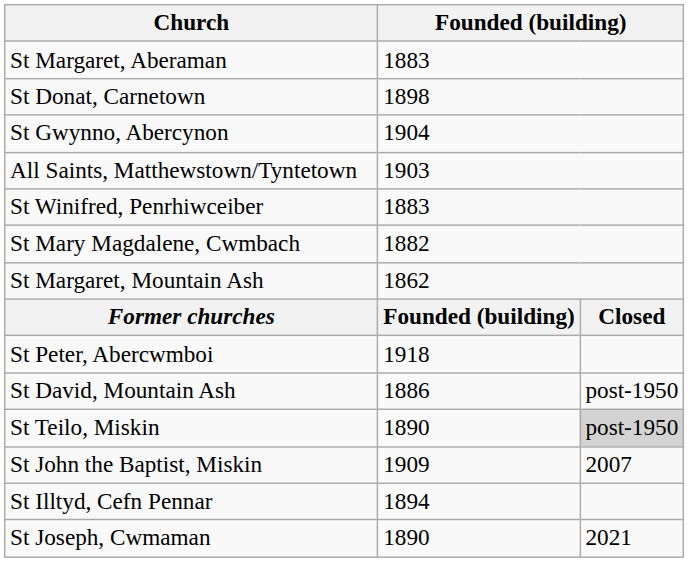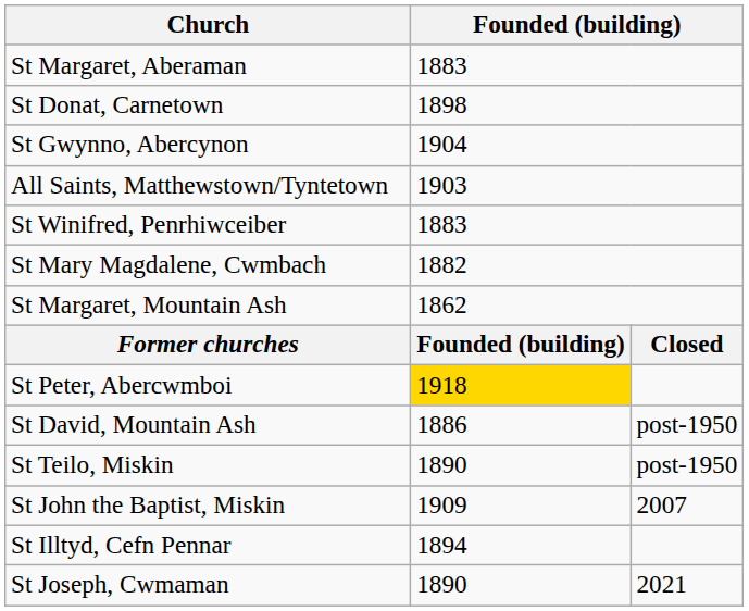 <table class="wikitable">
 <tr>
 <th width="250">Church</th>
 <th colspan="2" width="125">Founded (building)</th>
 </tr>
 <tr>
 <td>St Margaret, Aberaman</td>
 <td colspan="2">1883</td>
 </tr>
 <tr>
 <td>St Donat, Carnetown</td>
 <td colspan="2">1898</td>
 </tr>
 <tr>
 <td>St Gwynno, Abercynon</td>
 <td colspan="2">1904</td>
 </tr>
 <tr>
 <td>All Saints, Matthewstown/Tyntetown</td>
 <td colspan="2">1903</td>
 </tr>
 <tr>
 <td>St Winifred, Penrhiwceiber</td>
 <td colspan="2">1883</td>
 </tr>
 <tr>
 <td>St Mary Magdalene, Cwmbach</td>
 <td colspan="2">1882</td>
 </tr>
 <tr>
 <td>St Margaret, Mountain Ash</td>
 <td colspan="2">1862</td>
 </tr>
 <tr>
 <th><em>Former churches</em></th>
 <th>Founded (building)</th>
 <th>Closed</th>
 </tr>
 <tr>
 <td>St Peter, Abercwmboi</td>
-<td>1918</td>
+<td style="background: gold;">1918</td>
 <td></td>
 </tr>
 <tr>
 <td>St David, Mountain Ash</td>
 <td>1886</td>
 <td>post-1950</td>
 </tr>
 <tr>
 <td>St Teilo, Miskin</td>
 <td>1890</td>
-<td style="background: lightgrey;">post-1950</td>
+<td>post-1950</td>
 </tr>
 <tr>
 <td>St John the Baptist, Miskin</td>
 <td>1909</td>
 <td>2007</td>
 </tr>
 <tr>
 <td>St Illtyd, Cefn Pennar</td>
 <td>1894</td>
 <td></td>
 </tr>
 <tr>
 <td>St Joseph, Cwmaman</td>
 <td>1890</td>
 <td>2021</td>
 </tr>
 </table>
